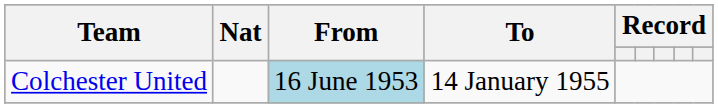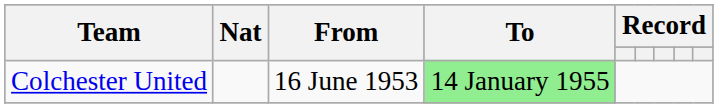 <table class="wikitable" style="text-align: center">
 <tr>
 <th rowspan="2">Team</th>
 <th rowspan="2">Nat</th>
 <th rowspan="2">From</th>
 <th rowspan="2">To</th>
 <th colspan="5">Record</th>
 </tr>
 <tr>
 <th></th>
 <th></th>
 <th></th>
 <th></th>
 <th></th>
 </tr>
 <tr>
 <td align=left><a href='#'>Colchester United</a></td>
 <td></td>
-<td align=left style="background: lightblue;">16 June 1953</td>
-<td align=left>14 January 1955<br></td>
+<td align=left>16 June 1953</td>
+<td align=left style="background: lightgreen;">14 January 1955<br></td>
 </tr>
 </table>
